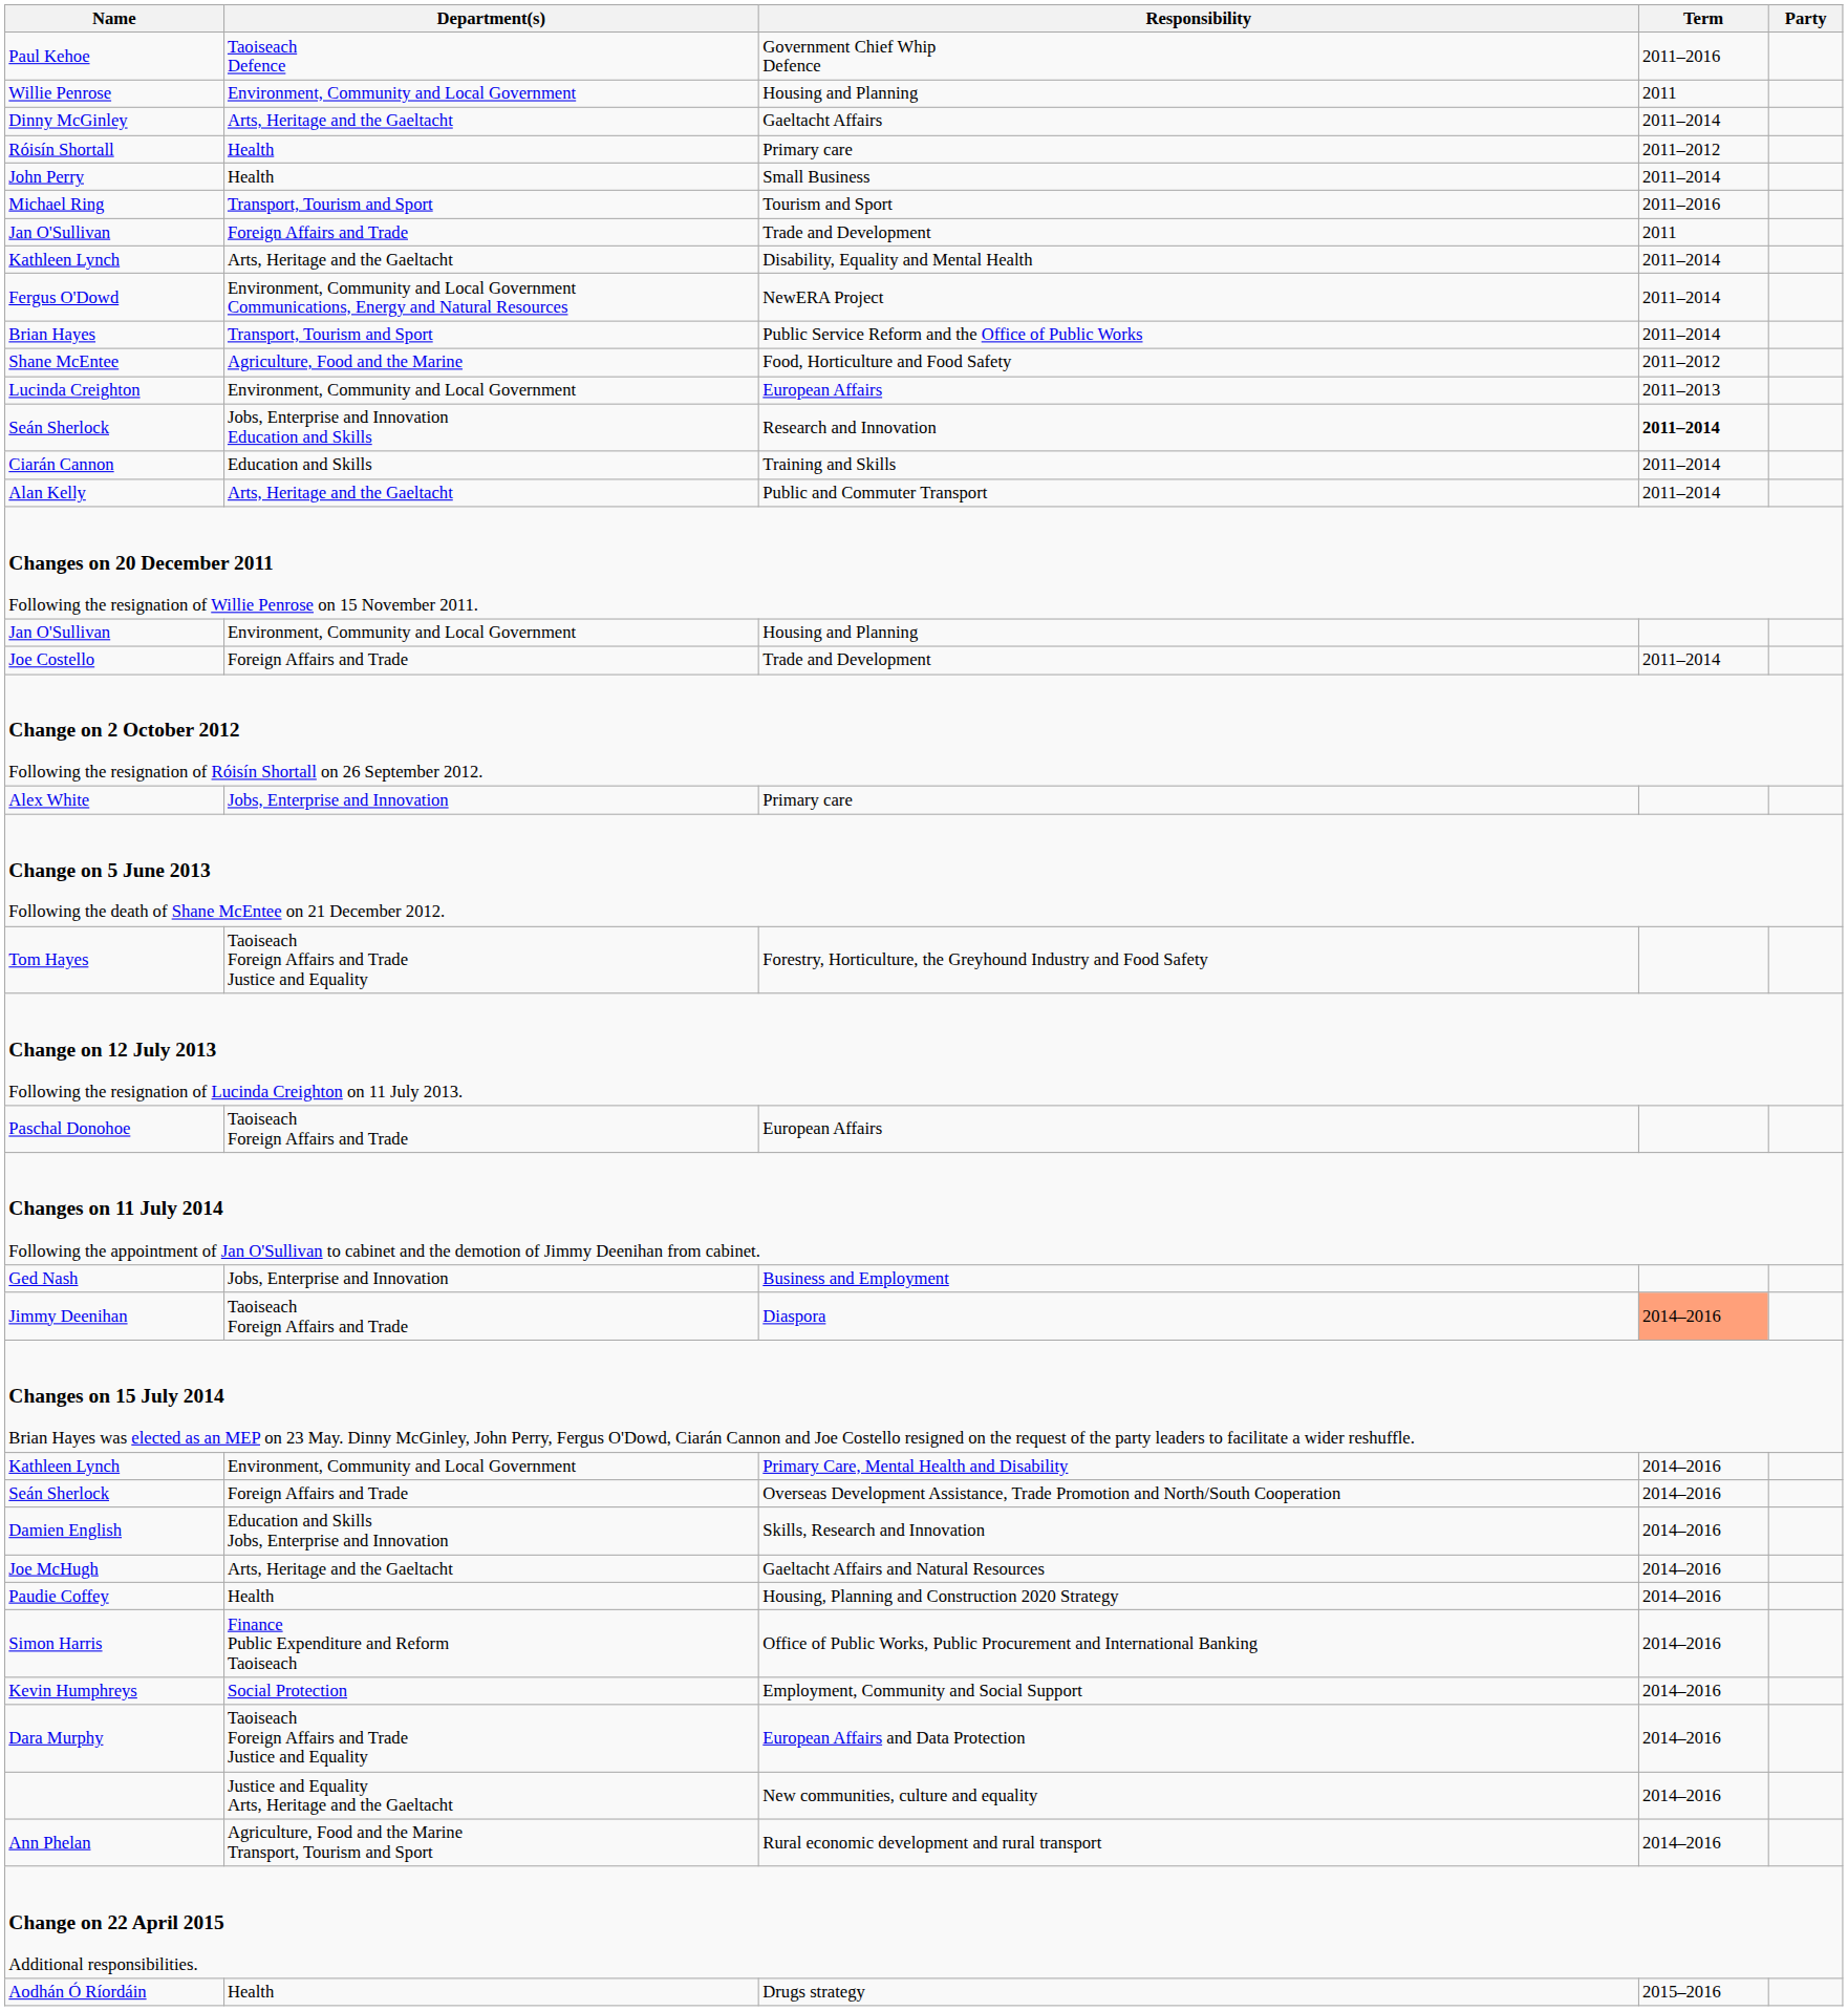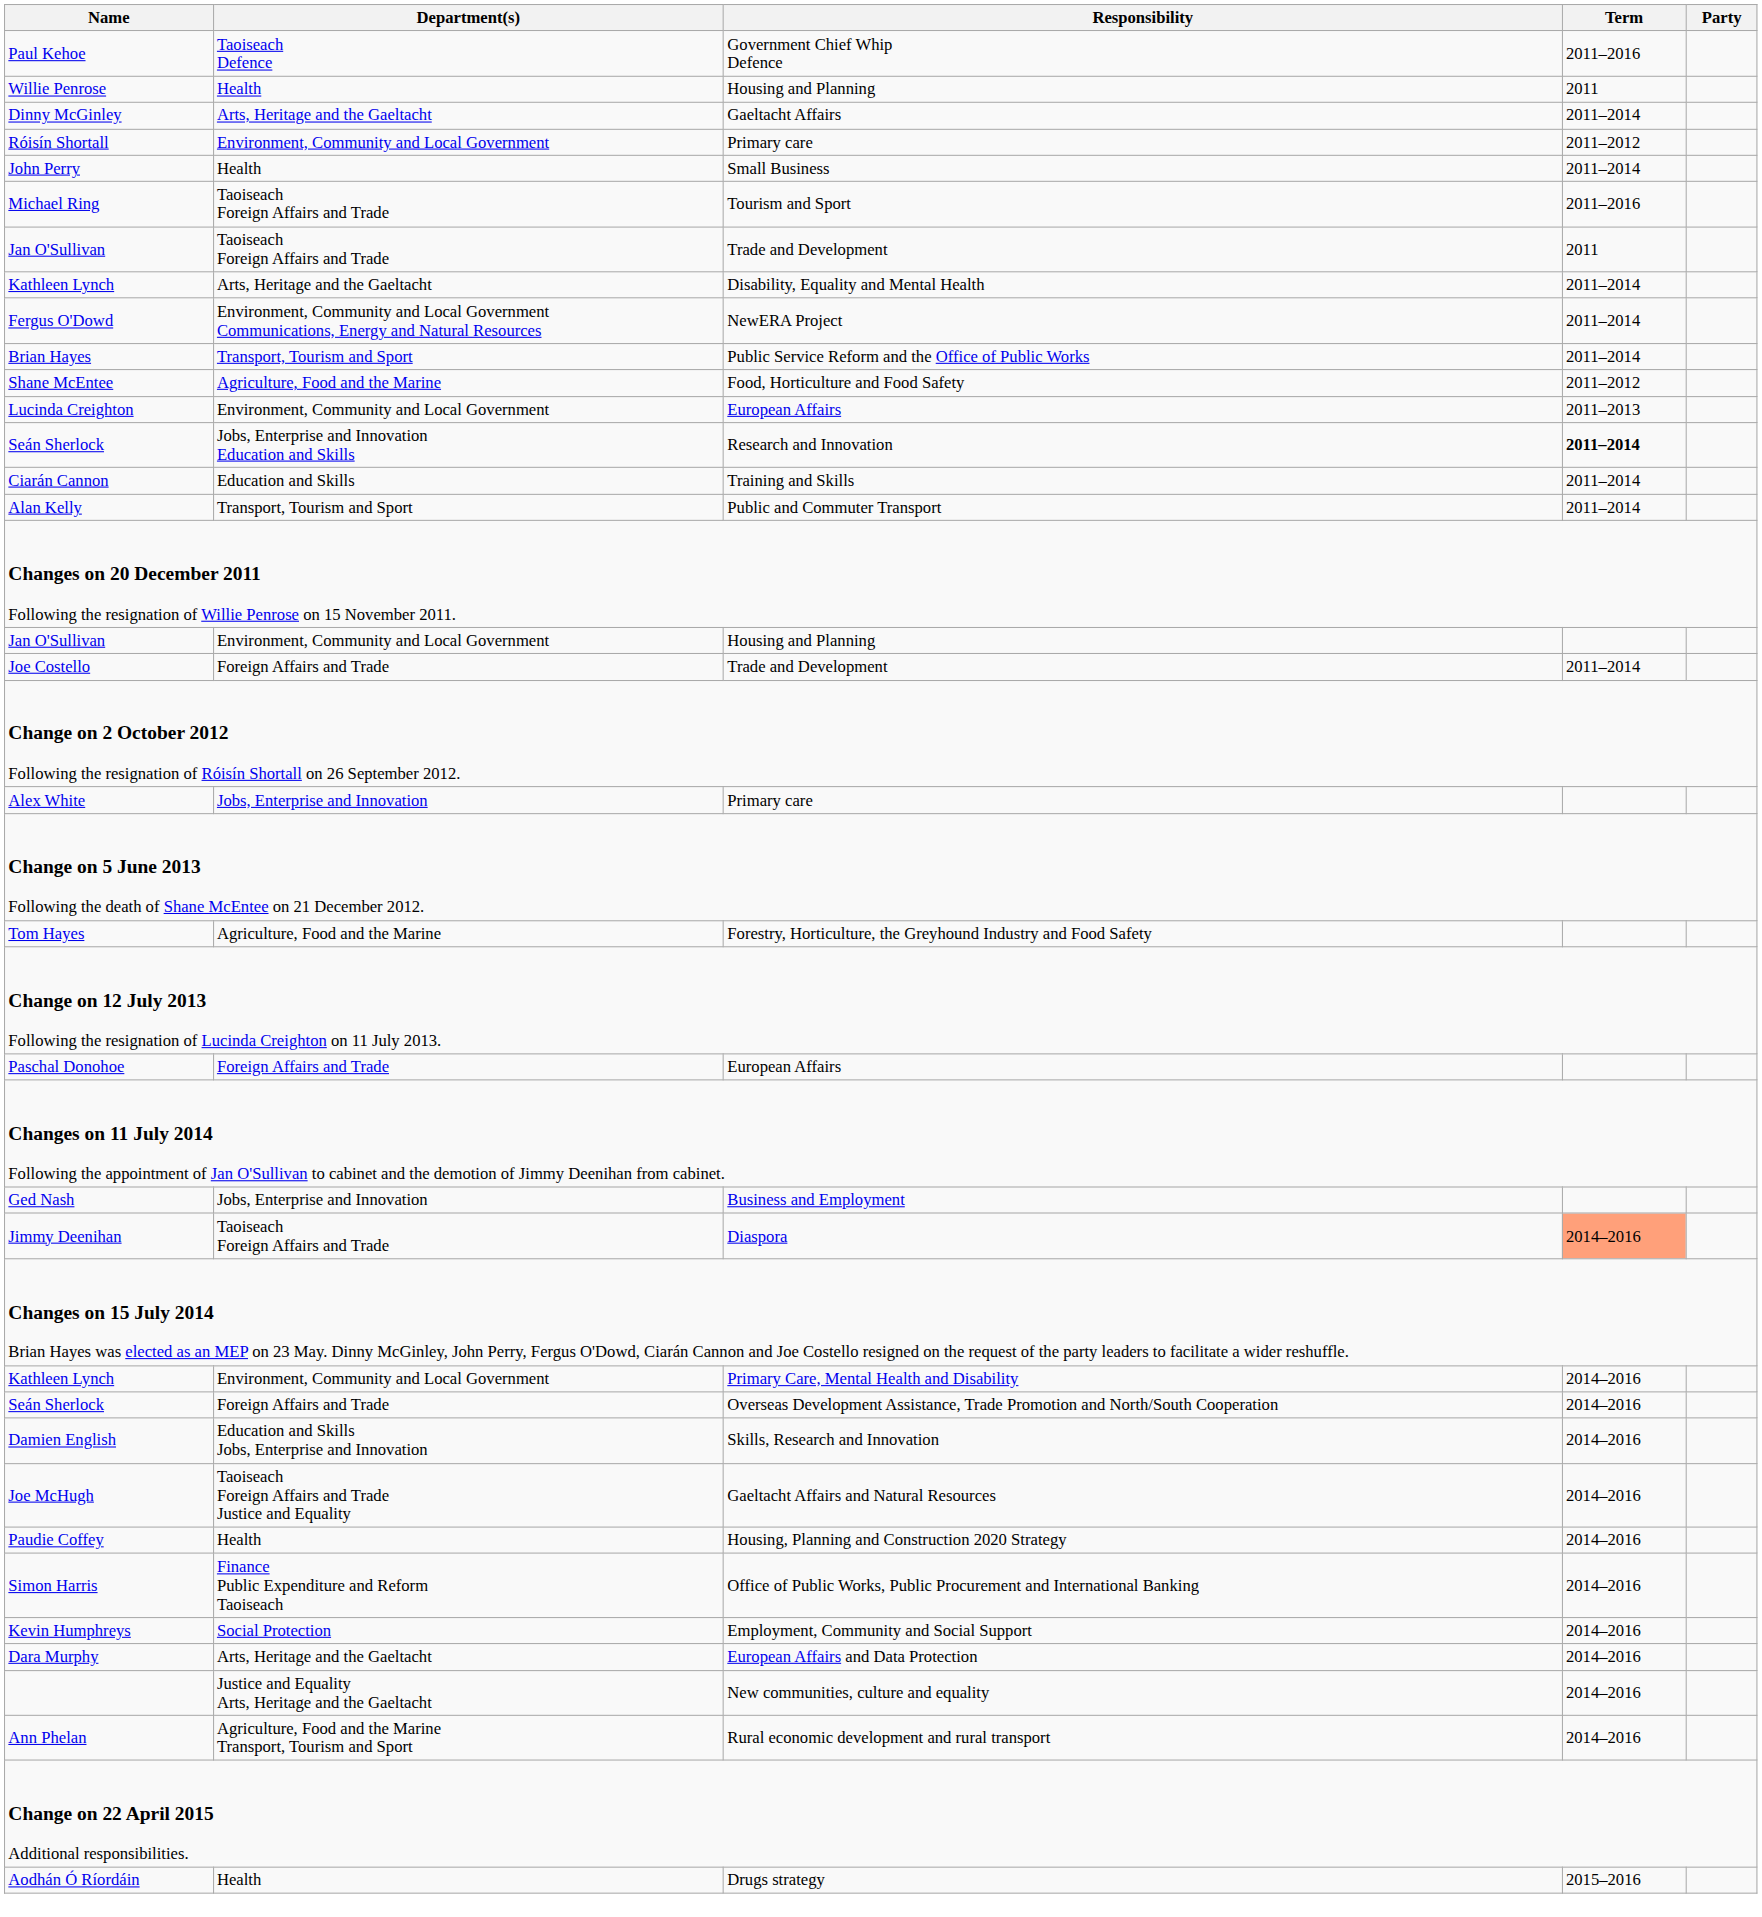 <table class="wikitable" width=85%>
 <tr>
 <th>Name</th>
 <th>Department(s)</th>
 <th>Responsibility</th>
 <th>Term</th>
 <th colspan=2>Party</th>
 </tr>
 <tr>
 <td><a href='#'>Paul Kehoe</a><br></td>
 <td><a href='#'>Taoiseach</a><br><a href='#'>Defence</a></td>
 <td>Government Chief Whip<br>Defence</td>
 <td>2011–2016</td>
 <td></td>
 </tr>
 <tr>
 <td><a href='#'>Willie Penrose</a><br></td>
-<td><a href='#'>Environment, Community and Local Government</a></td>
+<td><a href='#'>Health</a></td>
 <td>Housing and Planning</td>
 <td>2011</td>
 <td></td>
 </tr>
 <tr>
 <td><a href='#'>Dinny McGinley</a></td>
 <td><a href='#'>Arts, Heritage and the Gaeltacht</a></td>
 <td>Gaeltacht Affairs</td>
 <td>2011–2014</td>
 <td></td>
 </tr>
 <tr>
 <td><a href='#'>Róisín Shortall</a></td>
-<td><a href='#'>Health</a></td>
+<td><a href='#'>Environment, Community and Local Government</a></td>
 <td>Primary care</td>
 <td>2011–2012</td>
 <td></td>
 </tr>
 <tr>
 <td><a href='#'>John Perry</a></td>
 <td>Health</td>
 <td>Small Business</td>
 <td>2011–2014</td>
 <td></td>
 </tr>
 <tr>
 <td><a href='#'>Michael Ring</a></td>
-<td><a href='#'>Transport, Tourism and Sport</a></td>
+<td>Taoiseach<br>Foreign Affairs and Trade</td>
 <td>Tourism and Sport</td>
 <td>2011–2016</td>
 <td></td>
 </tr>
 <tr>
 <td><a href='#'>Jan O'Sullivan</a></td>
-<td><a href='#'>Foreign Affairs and Trade</a></td>
+<td>Taoiseach<br>Foreign Affairs and Trade</td>
 <td>Trade and Development</td>
 <td>2011</td>
 <td></td>
 </tr>
 <tr>
 <td><a href='#'>Kathleen Lynch</a></td>
 <td>Arts, Heritage and the Gaeltacht<br></td>
 <td>Disability, Equality and Mental Health</td>
 <td>2011–2014</td>
 <td></td>
 </tr>
 <tr>
 <td><a href='#'>Fergus O'Dowd</a></td>
 <td>Environment, Community and Local Government<br><a href='#'>Communications, Energy and Natural Resources</a></td>
 <td>NewERA Project</td>
 <td>2011–2014</td>
 <td></td>
 </tr>
 <tr>
 <td><a href='#'>Brian Hayes</a></td>
 <td><a href='#'>Transport, Tourism and Sport</a></td>
 <td>Public Service Reform and the <a href='#'>Office of Public Works</a></td>
 <td>2011–2014</td>
 <td></td>
 </tr>
 <tr>
 <td><a href='#'>Shane McEntee</a></td>
 <td><a href='#'>Agriculture, Food and the Marine</a></td>
 <td>Food, Horticulture and Food Safety</td>
 <td>2011–2012</td>
 <td></td>
 </tr>
 <tr>
 <td><a href='#'>Lucinda Creighton</a></td>
 <td>Environment, Community and Local Government</td>
 <td><a href='#'>European Affairs</a></td>
 <td>2011–2013</td>
 <td></td>
 </tr>
 <tr>
 <td><a href='#'>Seán Sherlock</a></td>
 <td>Jobs, Enterprise and Innovation<br><a href='#'>Education and Skills</a></td>
 <td>Research and Innovation</td>
 <td><strong>2011–2014</strong></td>
 <td></td>
 </tr>
 <tr>
 <td><a href='#'>Ciarán Cannon</a></td>
 <td>Education and Skills</td>
 <td>Training and Skills</td>
 <td>2011–2014</td>
 <td></td>
 </tr>
 <tr>
 <td><a href='#'>Alan Kelly</a></td>
-<td><a href='#'>Arts, Heritage and the Gaeltacht</a></td>
+<td>Transport, Tourism and Sport</td>
 <td>Public and Commuter Transport</td>
 <td>2011–2014</td>
 <td></td>
 </tr>
 <tr>
 <td colspan=6><br><h3>Changes on 20 December 2011</h3>Following the resignation of <a href='#'>Willie Penrose</a> on 15 November 2011.</td>
 </tr>
 <tr>
 <td><a href='#'>Jan O'Sullivan</a><br></td>
 <td>Environment, Community and Local Government</td>
 <td>Housing and Planning</td>
 <td></td>
 <td></td>
 </tr>
 <tr>
 <td><a href='#'>Joe Costello</a></td>
 <td>Foreign Affairs and Trade</td>
 <td>Trade and Development</td>
 <td>2011–2014</td>
 <td></td>
 </tr>
 <tr>
 <td colspan=6><br><h3>Change on 2 October 2012</h3>Following the resignation of <a href='#'>Róisín Shortall</a> on 26 September 2012.</td>
 </tr>
 <tr>
 <td><a href='#'>Alex White</a></td>
 <td><a href='#'>Jobs, Enterprise and Innovation</a></td>
 <td>Primary care</td>
 <td></td>
 <td></td>
 </tr>
 <tr>
 <td colspan=6><br><h3>Change on 5 June 2013</h3>Following the death of <a href='#'>Shane McEntee</a> on 21 December 2012.</td>
 </tr>
 <tr>
 <td><a href='#'>Tom Hayes</a></td>
-<td>Taoiseach<br>Foreign Affairs and Trade<br>Justice and Equality</td>
+<td>Agriculture, Food and the Marine</td>
 <td>Forestry, Horticulture, the Greyhound Industry and Food Safety</td>
 <td></td>
 <td></td>
 </tr>
 <tr>
 <td colspan=6><br><h3>Change on 12 July 2013</h3>Following the resignation of <a href='#'>Lucinda Creighton</a> on 11 July 2013.</td>
 </tr>
 <tr>
 <td><a href='#'>Paschal Donohoe</a></td>
-<td>Taoiseach<br>Foreign Affairs and Trade</td>
+<td><a href='#'>Foreign Affairs and Trade</a></td>
 <td>European Affairs</td>
 <td></td>
 <td></td>
 </tr>
 <tr>
 <td colspan=6><br><h3>Changes on 11 July 2014</h3>Following the appointment of <a href='#'>Jan O'Sullivan</a> to cabinet and the demotion of Jimmy Deenihan from cabinet.</td>
 </tr>
 <tr>
 <td><a href='#'>Ged Nash</a><br></td>
 <td>Jobs, Enterprise and Innovation</td>
 <td><a href='#'>Business and Employment</a></td>
 <td></td>
 <td></td>
 </tr>
 <tr>
 <td><a href='#'>Jimmy Deenihan</a></td>
 <td>Taoiseach<br>Foreign Affairs and Trade</td>
 <td><a href='#'>Diaspora</a></td>
 <td style="background: lightsalmon;">2014–2016</td>
 <td></td>
 </tr>
 <tr>
 <td colspan=6><br><h3>Changes on 15 July 2014</h3>Brian Hayes was <a href='#'>elected as an MEP</a> on 23 May. Dinny McGinley, John Perry, Fergus O'Dowd, Ciarán Cannon and Joe Costello resigned on the request of the party leaders to facilitate a wider reshuffle.</td>
 </tr>
 <tr>
 <td><a href='#'>Kathleen Lynch</a></td>
 <td>Environment, Community and Local Government</td>
 <td><a href='#'>Primary Care, Mental Health and Disability</a></td>
 <td>2014–2016</td>
 <td></td>
 </tr>
 <tr>
 <td><a href='#'>Seán Sherlock</a></td>
 <td>Foreign Affairs and Trade</td>
 <td>Overseas Development Assistance, Trade Promotion and North/South Cooperation</td>
 <td>2014–2016</td>
 <td></td>
 </tr>
 <tr>
 <td><a href='#'>Damien English</a></td>
 <td>Education and Skills<br>Jobs, Enterprise and Innovation</td>
 <td>Skills, Research and Innovation</td>
 <td>2014–2016</td>
 <td></td>
 </tr>
 <tr>
 <td><a href='#'>Joe McHugh</a></td>
-<td>Arts, Heritage and the Gaeltacht<br></td>
+<td>Taoiseach<br>Foreign Affairs and Trade<br>Justice and Equality</td>
 <td>Gaeltacht Affairs and Natural Resources</td>
 <td>2014–2016</td>
 <td></td>
 </tr>
 <tr>
 <td><a href='#'>Paudie Coffey</a></td>
 <td>Health</td>
 <td>Housing, Planning and Construction 2020 Strategy</td>
 <td>2014–2016</td>
 <td></td>
 </tr>
 <tr>
 <td><a href='#'>Simon Harris</a></td>
 <td><a href='#'>Finance</a><br>Public Expenditure and Reform<br>Taoiseach</td>
 <td>Office of Public Works, Public Procurement and International Banking</td>
 <td>2014–2016</td>
 <td></td>
 </tr>
 <tr>
 <td><a href='#'>Kevin Humphreys</a></td>
 <td><a href='#'>Social Protection</a></td>
 <td>Employment, Community and Social Support</td>
 <td>2014–2016</td>
 <td></td>
 </tr>
 <tr>
 <td><a href='#'>Dara Murphy</a></td>
-<td>Taoiseach<br>Foreign Affairs and Trade<br>Justice and Equality</td>
+<td>Arts, Heritage and the Gaeltacht<br></td>
 <td><a href='#'>European Affairs</a> and Data Protection</td>
 <td>2014–2016</td>
 <td></td>
 </tr>
 <tr>
 <td></td>
 <td>Justice and Equality<br>Arts, Heritage and the Gaeltacht</td>
 <td>New communities, culture and equality</td>
 <td>2014–2016</td>
 <td></td>
 </tr>
 <tr>
 <td><a href='#'>Ann Phelan</a></td>
 <td>Agriculture, Food and the Marine<br>Transport, Tourism and Sport</td>
 <td>Rural economic development and rural transport</td>
 <td>2014–2016</td>
 <td></td>
 </tr>
 <tr>
 <td colspan=6><br><h3>Change on 22 April 2015</h3>Additional responsibilities.</td>
 </tr>
 <tr>
 <td><a href='#'>Aodhán Ó Ríordáin</a></td>
 <td>Health</td>
 <td>Drugs strategy</td>
 <td>2015–2016</td>
 <td></td>
 </tr>
 </table>
